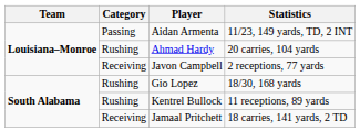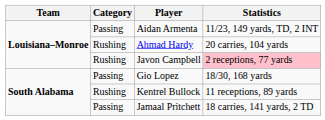 <table class="wikitable" style="float: right;">
 <tr>
 <th>Team</th>
 <th>Category</th>
 <th>Player</th>
 <th>Statistics</th>
 </tr>
 <tr>
 <td rowspan=3><strong>Louisiana–Monroe</strong></td>
 <td>Passing</td>
 <td>Aidan Armenta</td>
 <td>11/23, 149 yards, TD, 2 INT</td>
 </tr>
 <tr>
 <td>Rushing</td>
 <td><a href='#'>Ahmad Hardy</a></td>
 <td>20 carries, 104 yards</td>
 </tr>
 <tr>
-<td>Receiving</td>
+<td>Rushing</td>
 <td>Javon Campbell</td>
-<td>2 receptions, 77 yards</td>
+<td style="background: pink;">2 receptions, 77 yards</td>
 </tr>
 <tr>
 <td rowspan=3><strong>South Alabama</strong></td>
-<td>Rushing</td>
+<td>Passing</td>
 <td>Gio Lopez</td>
 <td>18/30, 168 yards</td>
 </tr>
 <tr>
 <td>Rushing</td>
 <td>Kentrel Bullock</td>
 <td>11 receptions, 89 yards</td>
 </tr>
 <tr>
-<td>Receiving</td>
+<td>Passing</td>
 <td>Jamaal Pritchett</td>
 <td>18 carries, 141 yards, 2 TD</td>
 </tr>
 </table>
